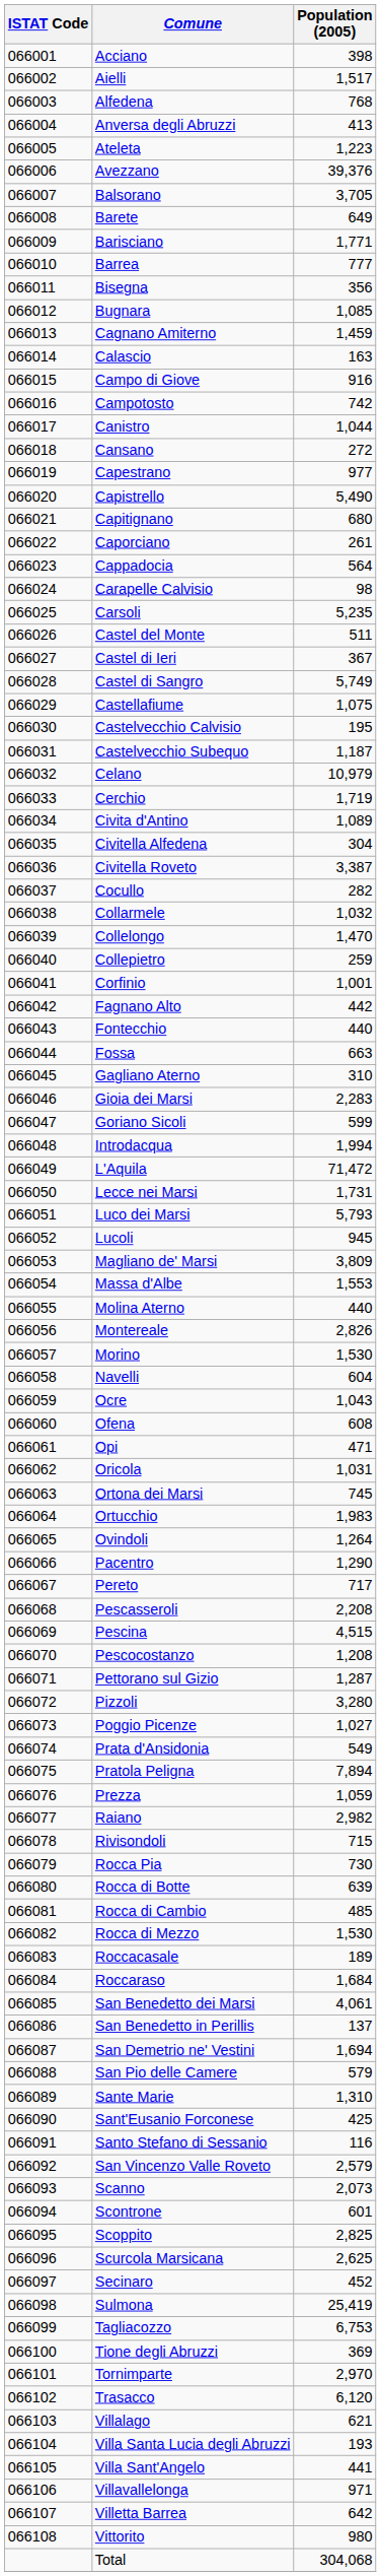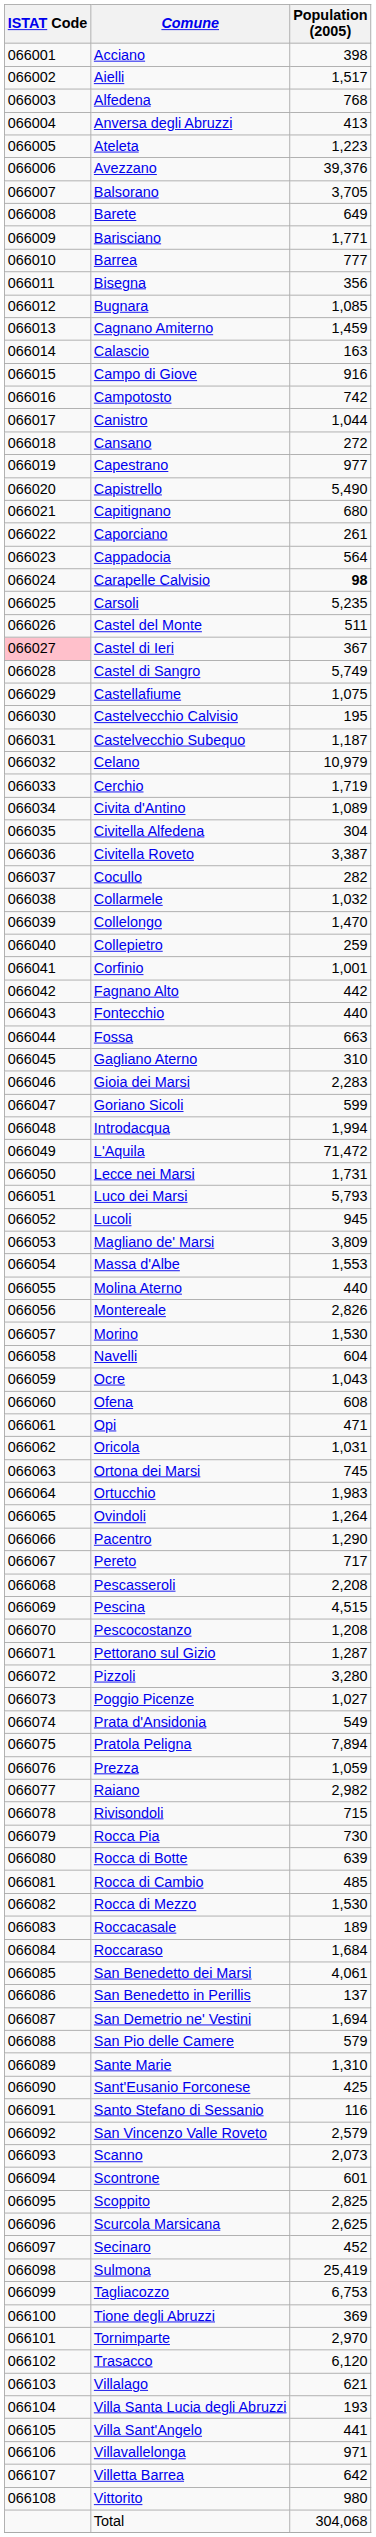 <table class="wikitable sortable">
 <tr>
 <th><a href='#'>ISTAT</a> Code</th>
 <th><em><a href='#'>Comune</a></em></th>
 <th>Population <br>(2005)</th>
 </tr>
 <tr>
 <td>066001</td>
 <td><a href='#'>Acciano</a></td>
 <td align="right">398</td>
 </tr>
 <tr>
 <td>066002</td>
 <td><a href='#'>Aielli</a></td>
 <td align="right">1,517</td>
 </tr>
 <tr>
 <td>066003</td>
 <td><a href='#'>Alfedena</a></td>
 <td align="right">768</td>
 </tr>
 <tr>
 <td>066004</td>
 <td><a href='#'>Anversa degli Abruzzi</a></td>
 <td align="right">413</td>
 </tr>
 <tr>
 <td>066005</td>
 <td><a href='#'>Ateleta</a></td>
 <td align="right">1,223</td>
 </tr>
 <tr>
 <td>066006</td>
 <td><a href='#'>Avezzano</a></td>
 <td align="right">39,376</td>
 </tr>
 <tr>
 <td>066007</td>
 <td><a href='#'>Balsorano</a></td>
 <td align="right">3,705</td>
 </tr>
 <tr>
 <td>066008</td>
 <td><a href='#'>Barete</a></td>
 <td align="right">649</td>
 </tr>
 <tr>
 <td>066009</td>
 <td><a href='#'>Barisciano</a></td>
 <td align="right">1,771</td>
 </tr>
 <tr>
 <td>066010</td>
 <td><a href='#'>Barrea</a></td>
 <td align="right">777</td>
 </tr>
 <tr>
 <td>066011</td>
 <td><a href='#'>Bisegna</a></td>
 <td align="right">356</td>
 </tr>
 <tr>
 <td>066012</td>
 <td><a href='#'>Bugnara</a></td>
 <td align="right">1,085</td>
 </tr>
 <tr>
 <td>066013</td>
 <td><a href='#'>Cagnano Amiterno</a></td>
 <td align="right">1,459</td>
 </tr>
 <tr>
 <td>066014</td>
 <td><a href='#'>Calascio</a></td>
 <td align="right">163</td>
 </tr>
 <tr>
 <td>066015</td>
 <td><a href='#'>Campo di Giove</a></td>
 <td align="right">916</td>
 </tr>
 <tr>
 <td>066016</td>
 <td><a href='#'>Campotosto</a></td>
 <td align="right">742</td>
 </tr>
 <tr>
 <td>066017</td>
 <td><a href='#'>Canistro</a></td>
 <td align="right">1,044</td>
 </tr>
 <tr>
 <td>066018</td>
 <td><a href='#'>Cansano</a></td>
 <td align="right">272</td>
 </tr>
 <tr>
 <td>066019</td>
 <td><a href='#'>Capestrano</a></td>
 <td align="right">977</td>
 </tr>
 <tr>
 <td>066020</td>
 <td><a href='#'>Capistrello</a></td>
 <td align="right">5,490</td>
 </tr>
 <tr>
 <td>066021</td>
 <td><a href='#'>Capitignano</a></td>
 <td align="right">680</td>
 </tr>
 <tr>
 <td>066022</td>
 <td><a href='#'>Caporciano</a></td>
 <td align="right">261</td>
 </tr>
 <tr>
 <td>066023</td>
 <td><a href='#'>Cappadocia</a></td>
 <td align="right">564</td>
 </tr>
 <tr>
 <td>066024</td>
 <td><a href='#'>Carapelle Calvisio</a></td>
-<td align="right">98</td>
+<td align="right"><strong>98</strong></td>
 </tr>
 <tr>
 <td>066025</td>
 <td><a href='#'>Carsoli</a></td>
 <td align="right">5,235</td>
 </tr>
 <tr>
 <td>066026</td>
 <td><a href='#'>Castel del Monte</a></td>
 <td align="right">511</td>
 </tr>
 <tr>
-<td>066027</td>
+<td style="background: pink;">066027</td>
 <td><a href='#'>Castel di Ieri</a></td>
 <td align="right">367</td>
 </tr>
 <tr>
 <td>066028</td>
 <td><a href='#'>Castel di Sangro</a></td>
 <td align="right">5,749</td>
 </tr>
 <tr>
 <td>066029</td>
 <td><a href='#'>Castellafiume</a></td>
 <td align="right">1,075</td>
 </tr>
 <tr>
 <td>066030</td>
 <td><a href='#'>Castelvecchio Calvisio</a></td>
 <td align="right">195</td>
 </tr>
 <tr>
 <td>066031</td>
 <td><a href='#'>Castelvecchio Subequo</a></td>
 <td align="right">1,187</td>
 </tr>
 <tr>
 <td>066032</td>
 <td><a href='#'>Celano</a></td>
 <td align="right">10,979</td>
 </tr>
 <tr>
 <td>066033</td>
 <td><a href='#'>Cerchio</a></td>
 <td align="right">1,719</td>
 </tr>
 <tr>
 <td>066034</td>
 <td><a href='#'>Civita d'Antino</a></td>
 <td align="right">1,089</td>
 </tr>
 <tr>
 <td>066035</td>
 <td><a href='#'>Civitella Alfedena</a></td>
 <td align="right">304</td>
 </tr>
 <tr>
 <td>066036</td>
 <td><a href='#'>Civitella Roveto</a></td>
 <td align="right">3,387</td>
 </tr>
 <tr>
 <td>066037</td>
 <td><a href='#'>Cocullo</a></td>
 <td align="right">282</td>
 </tr>
 <tr>
 <td>066038</td>
 <td><a href='#'>Collarmele</a></td>
 <td align="right">1,032</td>
 </tr>
 <tr>
 <td>066039</td>
 <td><a href='#'>Collelongo</a></td>
 <td align="right">1,470</td>
 </tr>
 <tr>
 <td>066040</td>
 <td><a href='#'>Collepietro</a></td>
 <td align="right">259</td>
 </tr>
 <tr>
 <td>066041</td>
 <td><a href='#'>Corfinio</a></td>
 <td align="right">1,001</td>
 </tr>
 <tr>
 <td>066042</td>
 <td><a href='#'>Fagnano Alto</a></td>
 <td align="right">442</td>
 </tr>
 <tr>
 <td>066043</td>
 <td><a href='#'>Fontecchio</a></td>
 <td align="right">440</td>
 </tr>
 <tr>
 <td>066044</td>
 <td><a href='#'>Fossa</a></td>
 <td align="right">663</td>
 </tr>
 <tr>
 <td>066045</td>
 <td><a href='#'>Gagliano Aterno</a></td>
 <td align="right">310</td>
 </tr>
 <tr>
 <td>066046</td>
 <td><a href='#'>Gioia dei Marsi</a></td>
 <td align="right">2,283</td>
 </tr>
 <tr>
 <td>066047</td>
 <td><a href='#'>Goriano Sicoli</a></td>
 <td align="right">599</td>
 </tr>
 <tr>
 <td>066048</td>
 <td><a href='#'>Introdacqua</a></td>
 <td align="right">1,994</td>
 </tr>
 <tr>
 <td>066049</td>
 <td><a href='#'>L'Aquila</a></td>
 <td align="right">71,472</td>
 </tr>
 <tr>
 <td>066050</td>
 <td><a href='#'>Lecce nei Marsi</a></td>
 <td align="right">1,731</td>
 </tr>
 <tr>
 <td>066051</td>
 <td><a href='#'>Luco dei Marsi</a></td>
 <td align="right">5,793</td>
 </tr>
 <tr>
 <td>066052</td>
 <td><a href='#'>Lucoli</a></td>
 <td align="right">945</td>
 </tr>
 <tr>
 <td>066053</td>
 <td><a href='#'>Magliano de' Marsi</a></td>
 <td align="right">3,809</td>
 </tr>
 <tr>
 <td>066054</td>
 <td><a href='#'>Massa d'Albe</a></td>
 <td align="right">1,553</td>
 </tr>
 <tr>
 <td>066055</td>
 <td><a href='#'>Molina Aterno</a></td>
 <td align="right">440</td>
 </tr>
 <tr>
 <td>066056</td>
 <td><a href='#'>Montereale</a></td>
 <td align="right">2,826</td>
 </tr>
 <tr>
 <td>066057</td>
 <td><a href='#'>Morino</a></td>
 <td align="right">1,530</td>
 </tr>
 <tr>
 <td>066058</td>
 <td><a href='#'>Navelli</a></td>
 <td align="right">604</td>
 </tr>
 <tr>
 <td>066059</td>
 <td><a href='#'>Ocre</a></td>
 <td align="right">1,043</td>
 </tr>
 <tr>
 <td>066060</td>
 <td><a href='#'>Ofena</a></td>
 <td align="right">608</td>
 </tr>
 <tr>
 <td>066061</td>
 <td><a href='#'>Opi</a></td>
 <td align="right">471</td>
 </tr>
 <tr>
 <td>066062</td>
 <td><a href='#'>Oricola</a></td>
 <td align="right">1,031</td>
 </tr>
 <tr>
 <td>066063</td>
 <td><a href='#'>Ortona dei Marsi</a></td>
 <td align="right">745</td>
 </tr>
 <tr>
 <td>066064</td>
 <td><a href='#'>Ortucchio</a></td>
 <td align="right">1,983</td>
 </tr>
 <tr>
 <td>066065</td>
 <td><a href='#'>Ovindoli</a></td>
 <td align="right">1,264</td>
 </tr>
 <tr>
 <td>066066</td>
 <td><a href='#'>Pacentro</a></td>
 <td align="right">1,290</td>
 </tr>
 <tr>
 <td>066067</td>
 <td><a href='#'>Pereto</a></td>
 <td align="right">717</td>
 </tr>
 <tr>
 <td>066068</td>
 <td><a href='#'>Pescasseroli</a></td>
 <td align="right">2,208</td>
 </tr>
 <tr>
 <td>066069</td>
 <td><a href='#'>Pescina</a></td>
 <td align="right">4,515</td>
 </tr>
 <tr>
 <td>066070</td>
 <td><a href='#'>Pescocostanzo</a></td>
 <td align="right">1,208</td>
 </tr>
 <tr>
 <td>066071</td>
 <td><a href='#'>Pettorano sul Gizio</a></td>
 <td align="right">1,287</td>
 </tr>
 <tr>
 <td>066072</td>
 <td><a href='#'>Pizzoli</a></td>
 <td align="right">3,280</td>
 </tr>
 <tr>
 <td>066073</td>
 <td><a href='#'>Poggio Picenze</a></td>
 <td align="right">1,027</td>
 </tr>
 <tr>
 <td>066074</td>
 <td><a href='#'>Prata d'Ansidonia</a></td>
 <td align="right">549</td>
 </tr>
 <tr>
 <td>066075</td>
 <td><a href='#'>Pratola Peligna</a></td>
 <td align="right">7,894</td>
 </tr>
 <tr>
 <td>066076</td>
 <td><a href='#'>Prezza</a></td>
 <td align="right">1,059</td>
 </tr>
 <tr>
 <td>066077</td>
 <td><a href='#'>Raiano</a></td>
 <td align="right">2,982</td>
 </tr>
 <tr>
 <td>066078</td>
 <td><a href='#'>Rivisondoli</a></td>
 <td align="right">715</td>
 </tr>
 <tr>
 <td>066079</td>
 <td><a href='#'>Rocca Pia</a></td>
 <td align="right">730</td>
 </tr>
 <tr>
 <td>066080</td>
 <td><a href='#'>Rocca di Botte</a></td>
 <td align="right">639</td>
 </tr>
 <tr>
 <td>066081</td>
 <td><a href='#'>Rocca di Cambio</a></td>
 <td align="right">485</td>
 </tr>
 <tr>
 <td>066082</td>
 <td><a href='#'>Rocca di Mezzo</a></td>
 <td align="right">1,530</td>
 </tr>
 <tr>
 <td>066083</td>
 <td><a href='#'>Roccacasale</a></td>
 <td align="right">189</td>
 </tr>
 <tr>
 <td>066084</td>
 <td><a href='#'>Roccaraso</a></td>
 <td align="right">1,684</td>
 </tr>
 <tr>
 <td>066085</td>
 <td><a href='#'>San Benedetto dei Marsi</a></td>
 <td align="right">4,061</td>
 </tr>
 <tr>
 <td>066086</td>
 <td><a href='#'>San Benedetto in Perillis</a></td>
 <td align="right">137</td>
 </tr>
 <tr>
 <td>066087</td>
 <td><a href='#'>San Demetrio ne' Vestini</a></td>
 <td align="right">1,694</td>
 </tr>
 <tr>
 <td>066088</td>
 <td><a href='#'>San Pio delle Camere</a></td>
 <td align="right">579</td>
 </tr>
 <tr>
 <td>066089</td>
 <td><a href='#'>Sante Marie</a></td>
 <td align="right">1,310</td>
 </tr>
 <tr>
 <td>066090</td>
 <td><a href='#'>Sant'Eusanio Forconese</a></td>
 <td align="right">425</td>
 </tr>
 <tr>
 <td>066091</td>
 <td><a href='#'>Santo Stefano di Sessanio</a></td>
 <td align="right">116</td>
 </tr>
 <tr>
 <td>066092</td>
 <td><a href='#'>San Vincenzo Valle Roveto</a></td>
 <td align="right">2,579</td>
 </tr>
 <tr>
 <td>066093</td>
 <td><a href='#'>Scanno</a></td>
 <td align="right">2,073</td>
 </tr>
 <tr>
 <td>066094</td>
 <td><a href='#'>Scontrone</a></td>
 <td align="right">601</td>
 </tr>
 <tr>
 <td>066095</td>
 <td><a href='#'>Scoppito</a></td>
 <td align="right">2,825</td>
 </tr>
 <tr>
 <td>066096</td>
 <td><a href='#'>Scurcola Marsicana</a></td>
 <td align="right">2,625</td>
 </tr>
 <tr>
 <td>066097</td>
 <td><a href='#'>Secinaro</a></td>
 <td align="right">452</td>
 </tr>
 <tr>
 <td>066098</td>
 <td><a href='#'>Sulmona</a></td>
 <td align="right">25,419</td>
 </tr>
 <tr>
 <td>066099</td>
 <td><a href='#'>Tagliacozzo</a></td>
 <td align="right">6,753</td>
 </tr>
 <tr>
 <td>066100</td>
 <td><a href='#'>Tione degli Abruzzi</a></td>
 <td align="right">369</td>
 </tr>
 <tr>
 <td>066101</td>
 <td><a href='#'>Tornimparte</a></td>
 <td align="right">2,970</td>
 </tr>
 <tr>
 <td>066102</td>
 <td><a href='#'>Trasacco</a></td>
 <td align="right">6,120</td>
 </tr>
 <tr>
 <td>066103</td>
 <td><a href='#'>Villalago</a></td>
 <td align="right">621</td>
 </tr>
 <tr>
 <td>066104</td>
 <td><a href='#'>Villa Santa Lucia degli Abruzzi</a></td>
 <td align="right">193</td>
 </tr>
 <tr>
 <td>066105</td>
 <td><a href='#'>Villa Sant'Angelo</a></td>
 <td align="right">441</td>
 </tr>
 <tr>
 <td>066106</td>
 <td><a href='#'>Villavallelonga</a></td>
 <td align="right">971</td>
 </tr>
 <tr>
 <td>066107</td>
 <td><a href='#'>Villetta Barrea</a></td>
 <td align="right">642</td>
 </tr>
 <tr>
 <td>066108</td>
 <td><a href='#'>Vittorito</a></td>
 <td align="right">980</td>
 </tr>
 <tr>
 <td></td>
 <td>Total</td>
 <td align="right">304,068</td>
 </tr>
 <tr>
 </tr>
 </table>
